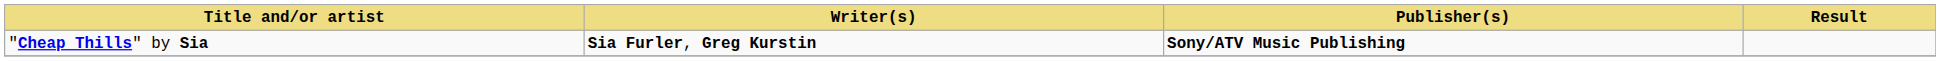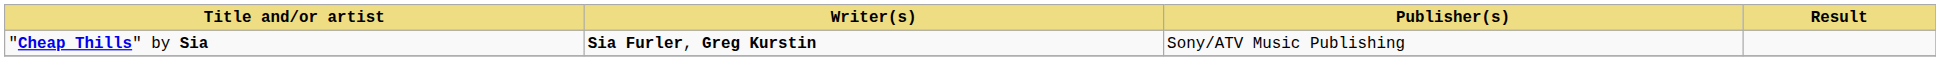 <table class="wikitable" width=100%>
 <tr>
 <th style="width:30%;background:#EEDD82;">Title and/or artist</th>
 <th style="width:30%;background:#EEDD82;">Writer(s)</th>
 <th style="width:30%;background:#EEDD82;">Publisher(s)</th>
 <th style="width:10%;background:#EEDD82;">Result</th>
 </tr>
 <tr>
 <td>"<strong><a href='#'>Cheap Thills</a></strong>" by <strong>Sia</strong></td>
 <td><strong>Sia Furler</strong>, <strong>Greg Kurstin</strong></td>
-<td><strong>Sony/ATV Music Publishing</strong></td>
+<td>Sony/ATV Music Publishing</td>
 <td></td>
 </tr>
 <tr>
 </tr>
 </table>
